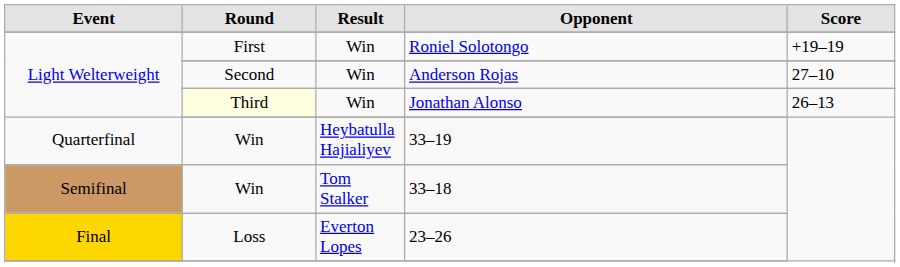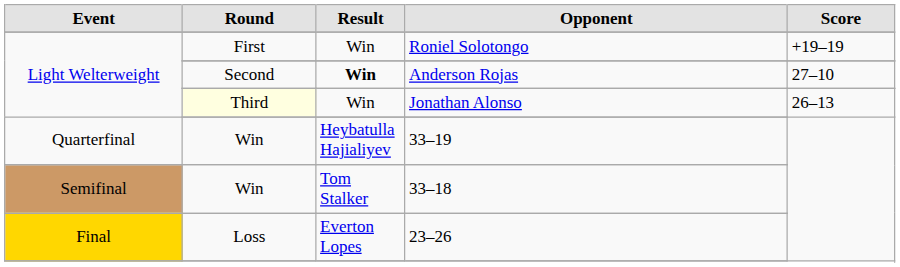 <table class="wikitable" style="font-size: 85%; text-align: left; width:45%">
 <tr>
 <th style='border-style: none none solid solid; background: #e3e3e3; wid 20%'><strong>Event</strong></th>
 <th style='border-style: none none solid solid; background: #e3e3e3; width: 15%'><strong>Round</strong></th>
 <th style='border-style: none none solid solid; background: #e3e3e3; width: 10%'><strong>Result</strong></th>
 <th style='border-style: none none solid solid; background: #e3e3e3; width: 43%'><strong>Opponent</strong></th>
 <th style='border-style: none none solid solid; background: #e3e3e3; width: 12%'><strong>Score</strong></th>
 </tr>
 <tr>
 </tr>
 <tr align=center>
 <td rowspan="6" style="text-align:center;"><a href='#'>Light Welterweight</a></td>
 <td align='center'>First</td>
 <td>Win</td>
 <td align='left'> <a href='#'>Roniel Solotongo</a></td>
 <td align='left'>+19–19</td>
 </tr>
 <tr>
 </tr>
 <tr align=center>
 <td align='center'>Second</td>
-<td>Win</td>
+<td><strong>Win</strong></td>
 <td align='left'> <a href='#'>Anderson Rojas</a></td>
 <td align='left'>27–10</td>
 </tr>
 <tr>
 </tr>
 <tr align=center>
 <td align='center' style="background: lightyellow;">Third</td>
 <td>Win</td>
 <td align='left'> <a href='#'>Jonathan Alonso</a></td>
 <td align='left'>26–13</td>
 </tr>
 <tr>
 </tr>
 <tr align=center>
 <td align='center'>Quarterfinal</td>
 <td>Win</td>
 <td align='left'> <a href='#'>Heybatulla Hajialiyev</a></td>
 <td align='left'>33–19</td>
 </tr>
 <tr>
 </tr>
 <tr align=center>
 <td align='center'; bgcolor="#cc9966">Semifinal</td>
 <td>Win</td>
 <td align='left'> <a href='#'>Tom Stalker</a></td>
 <td align='left'>33–18</td>
 </tr>
 <tr>
 </tr>
 <tr align=center>
 <td align='center'; bgcolor="gold">Final</td>
 <td>Loss</td>
 <td align='left'> <a href='#'>Everton Lopes</a></td>
 <td align='left'>23–26</td>
 </tr>
 <tr>
 </tr>
 </table>
